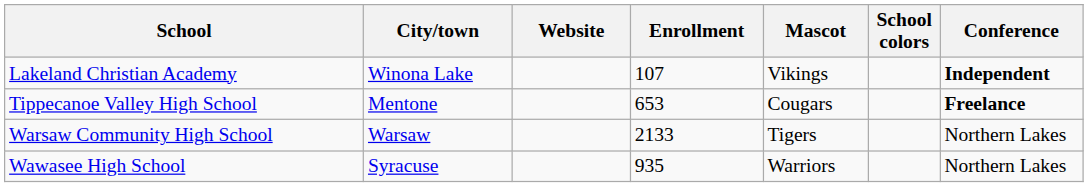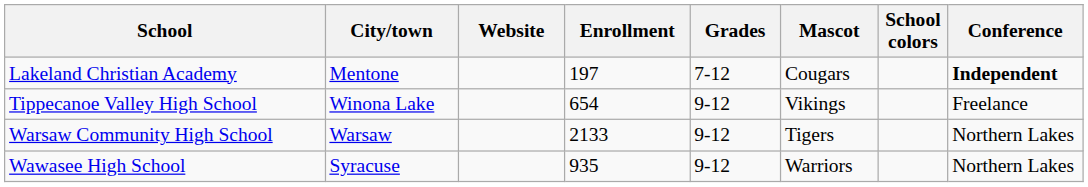 <table class="wikitable sortable" width="70%">
 <tr>
 <th width="20%">School</th>
 <th width="08%">City/town</th>
 <th width="06%">Website</th>
 <th width="04%">Enrollment</th>
+<th width="04%">Grades</th>
 <th width="04%">Mascot</th>
 <th width=01%>School colors</th>
 <th width="04%">Conference</th>
 </tr>
 <tr>
 <td><a href='#'>Lakeland Christian Academy</a></td>
-<td><a href='#'>Winona Lake</a></td>
+<td><a href='#'>Mentone</a></td>
 <td></td>
-<td>107</td>
-<td>Vikings</td>
+<td>197</td>
+<td>7-12</td>
+<td>Cougars</td>
 <td>  </td>
 <td><strong>Independent</strong></td>
 </tr>
 <tr>
 <td><a href='#'>Tippecanoe Valley High School</a></td>
-<td><a href='#'>Mentone</a></td>
+<td><a href='#'>Winona Lake</a></td>
 <td></td>
-<td>653</td>
-<td>Cougars</td>
+<td>654</td>
+<td>9-12</td>
+<td>Vikings</td>
 <td>  </td>
-<td><strong>Freelance</strong></td>
+<td>Freelance</td>
 </tr>
 <tr>
 <td><a href='#'>Warsaw Community High School</a></td>
 <td><a href='#'>Warsaw</a></td>
 <td></td>
 <td>2133</td>
+<td>9-12</td>
 <td>Tigers</td>
 <td>  </td>
 <td>Northern Lakes</td>
 </tr>
 <tr>
 <td><a href='#'>Wawasee High School</a></td>
 <td><a href='#'>Syracuse</a></td>
 <td></td>
 <td>935</td>
+<td>9-12</td>
 <td>Warriors</td>
 <td> </td>
 <td>Northern Lakes</td>
 </tr>
 </table>
